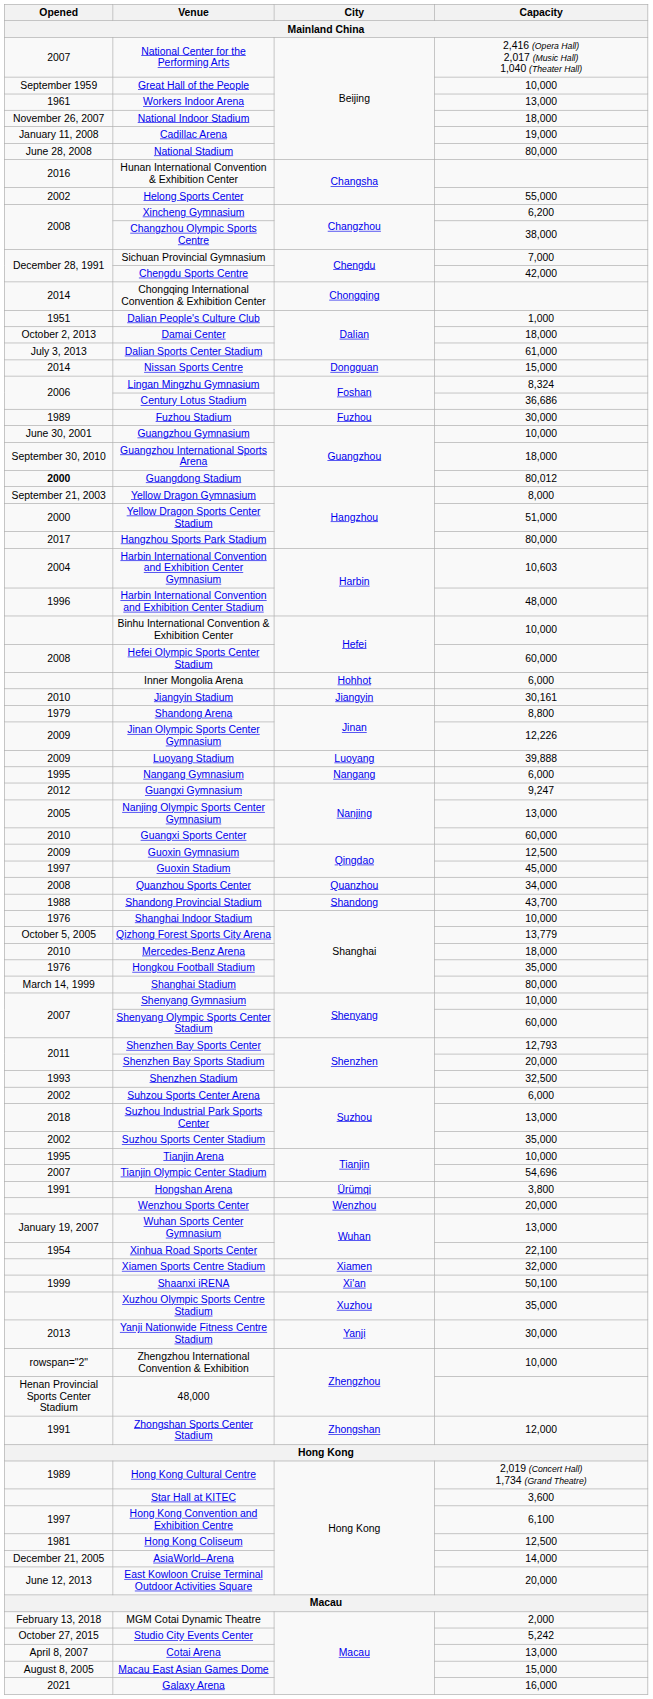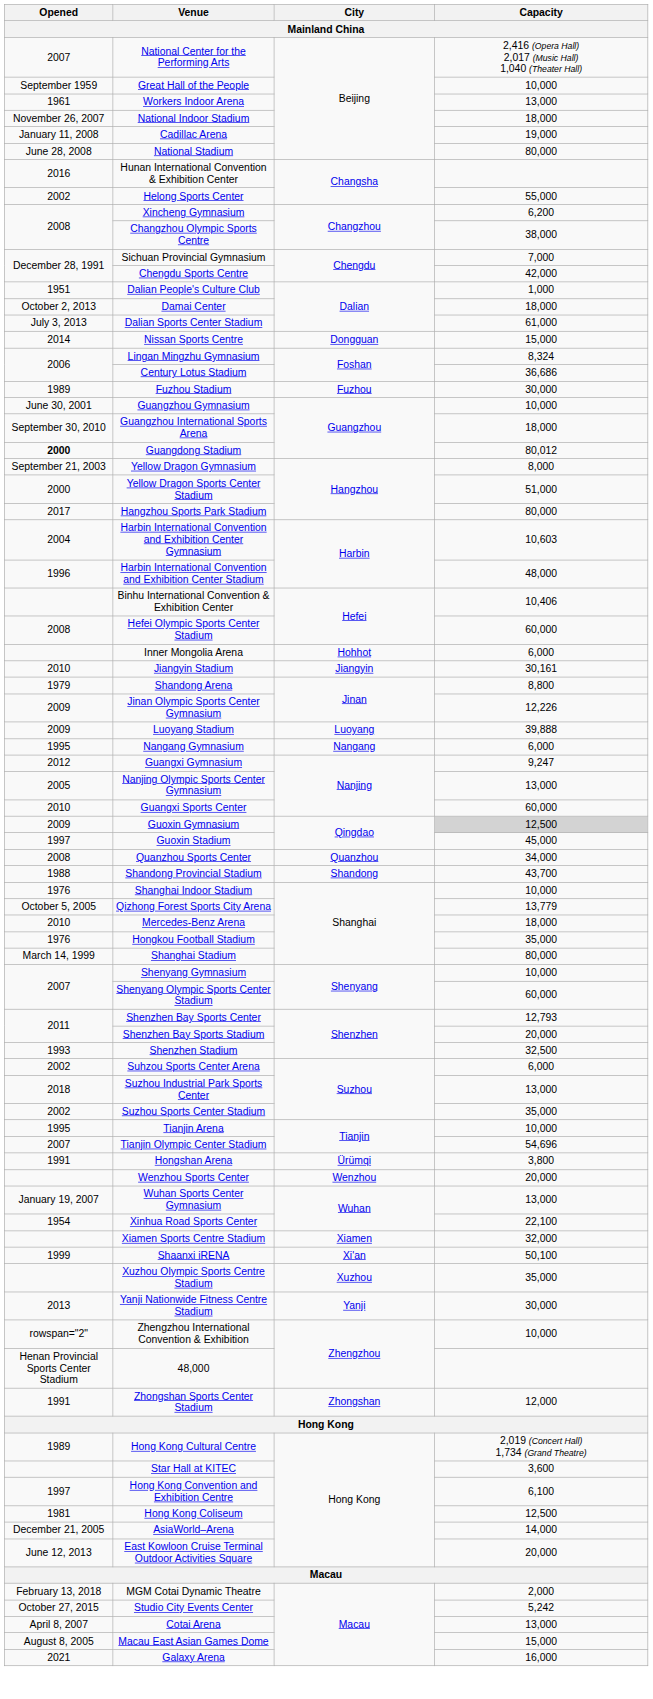 <table class="sortable wikitable" style="text-align:center;">
 <tr>
 <th scope="col" style="width:10em;">Opened</th>
 <th scope="col" style="width:15em;">Venue</th>
 <th scope="col" style="width:15em;">City</th>
 <th scope="col" style="width:20em;">Capacity</th>
 </tr>
 <tr>
 <th colspan="4">Mainland China</th>
 </tr>
 <tr>
 <td>2007</td>
 <td><a href='#'>National Center for the Performing Arts</a></td>
 <td rowspan="6">Beijing</td>
 <td>2,416 <small><em>(Opera Hall)</em></small><br>2,017 <em><small>(Music Hall)</small></em><br>1,040 <em><small>(Theater Hall)</small></em></td>
 </tr>
 <tr>
 <td>September 1959</td>
 <td><a href='#'>Great Hall of the People</a></td>
 <td>10,000</td>
 </tr>
 <tr>
 <td>1961</td>
 <td><a href='#'>Workers Indoor Arena</a></td>
 <td>13,000</td>
 </tr>
 <tr>
 <td>November 26, 2007</td>
 <td><a href='#'>National Indoor Stadium</a></td>
 <td>18,000</td>
 </tr>
 <tr>
 <td>January 11, 2008</td>
 <td><a href='#'>Cadillac Arena</a></td>
 <td>19,000</td>
 </tr>
 <tr>
 <td>June 28, 2008</td>
 <td><a href='#'>National Stadium</a></td>
 <td>80,000</td>
 </tr>
 <tr>
 <td>2016</td>
 <td>Hunan International Convention & Exhibition Center</td>
 <td rowspan="2"><a href='#'>Changsha</a></td>
 <td></td>
 </tr>
 <tr>
 <td>2002</td>
 <td><a href='#'>Helong Sports Center</a></td>
 <td>55,000</td>
 </tr>
 <tr>
 <td rowspan="2">2008</td>
 <td><a href='#'>Xincheng Gymnasium</a></td>
 <td rowspan="2"><a href='#'>Changzhou</a></td>
 <td>6,200</td>
 </tr>
 <tr>
 <td><a href='#'>Changzhou Olympic Sports Centre</a></td>
 <td>38,000</td>
 </tr>
 <tr>
 <td rowspan="2">December 28, 1991</td>
 <td>Sichuan Provincial Gymnasium</td>
 <td rowspan="2"><a href='#'>Chengdu</a></td>
 <td>7,000</td>
 </tr>
 <tr>
 <td><a href='#'>Chengdu Sports Centre</a></td>
 <td>42,000</td>
-</tr>
-<tr>
-<td>2014</td>
-<td>Chongqing International Convention & Exhibition Center</td>
-<td><a href='#'>Chongqing</a></td>
-<td></td>
 </tr>
 <tr>
 <td>1951</td>
 <td><a href='#'>Dalian People's Culture Club</a></td>
 <td rowspan="3"><a href='#'>Dalian</a></td>
 <td>1,000</td>
 </tr>
 <tr>
 <td>October 2, 2013</td>
 <td><a href='#'>Damai Center</a></td>
 <td>18,000</td>
 </tr>
 <tr>
 <td>July 3, 2013</td>
 <td><a href='#'>Dalian Sports Center Stadium</a></td>
 <td>61,000</td>
 </tr>
 <tr>
 <td>2014</td>
 <td><a href='#'>Nissan Sports Centre</a></td>
 <td><a href='#'>Dongguan</a></td>
 <td>15,000</td>
 </tr>
 <tr>
 <td rowspan="2">2006</td>
 <td><a href='#'>Lingan Mingzhu Gymnasium</a></td>
 <td rowspan="2"><a href='#'>Foshan</a></td>
 <td>8,324</td>
 </tr>
 <tr>
 <td><a href='#'>Century Lotus Stadium</a></td>
 <td>36,686</td>
 </tr>
 <tr>
 <td>1989</td>
 <td><a href='#'>Fuzhou Stadium</a></td>
 <td><a href='#'>Fuzhou</a></td>
 <td>30,000</td>
 </tr>
 <tr>
 <td>June 30, 2001</td>
 <td><a href='#'>Guangzhou Gymnasium</a></td>
 <td rowspan="3"><a href='#'>Guangzhou</a></td>
 <td>10,000</td>
 </tr>
 <tr>
 <td>September 30, 2010</td>
 <td><a href='#'>Guangzhou International Sports Arena</a></td>
 <td>18,000</td>
 </tr>
 <tr>
 <td><strong>2000</strong></td>
 <td><a href='#'>Guangdong Stadium</a></td>
 <td>80,012</td>
 </tr>
 <tr>
 <td>September 21, 2003</td>
 <td><a href='#'>Yellow Dragon Gymnasium</a></td>
 <td rowspan="3"><a href='#'>Hangzhou</a></td>
 <td>8,000</td>
 </tr>
 <tr>
 <td>2000</td>
 <td><a href='#'>Yellow Dragon Sports Center Stadium</a></td>
 <td>51,000</td>
 </tr>
 <tr>
 <td>2017</td>
 <td><a href='#'>Hangzhou Sports Park Stadium</a></td>
 <td>80,000</td>
 </tr>
 <tr>
 <td>2004</td>
 <td><a href='#'>Harbin International Convention and Exhibition Center Gymnasium</a></td>
 <td rowspan="2"><a href='#'>Harbin</a></td>
 <td>10,603</td>
 </tr>
 <tr>
 <td>1996</td>
 <td><a href='#'>Harbin International Convention and Exhibition Center Stadium</a></td>
 <td>48,000</td>
 </tr>
 <tr>
 <td></td>
 <td>Binhu International Convention & Exhibition Center</td>
 <td rowspan="2"><a href='#'>Hefei</a></td>
-<td>10,000</td>
+<td>10,406</td>
 </tr>
 <tr>
 <td>2008</td>
 <td><a href='#'>Hefei Olympic Sports Center Stadium</a></td>
 <td>60,000</td>
 </tr>
 <tr>
 <td></td>
 <td>Inner Mongolia Arena</td>
 <td><a href='#'>Hohhot</a></td>
 <td>6,000</td>
 </tr>
 <tr>
 <td>2010</td>
 <td><a href='#'>Jiangyin Stadium</a></td>
 <td><a href='#'>Jiangyin</a></td>
 <td>30,161</td>
 </tr>
 <tr>
 <td>1979</td>
 <td><a href='#'>Shandong Arena</a></td>
 <td rowspan="2"><a href='#'>Jinan</a></td>
 <td>8,800</td>
 </tr>
 <tr>
 <td>2009</td>
 <td><a href='#'>Jinan Olympic Sports Center Gymnasium</a></td>
 <td>12,226</td>
 </tr>
 <tr>
 <td>2009</td>
 <td><a href='#'>Luoyang Stadium</a></td>
 <td><a href='#'>Luoyang</a></td>
 <td>39,888</td>
 </tr>
 <tr>
 <td>1995</td>
 <td><a href='#'>Nangang Gymnasium</a></td>
 <td><a href='#'>Nangang</a></td>
 <td>6,000</td>
 </tr>
 <tr>
 <td>2012</td>
 <td><a href='#'>Guangxi Gymnasium</a></td>
 <td rowspan="3"><a href='#'>Nanjing</a></td>
 <td>9,247</td>
 </tr>
 <tr>
 <td>2005</td>
 <td><a href='#'>Nanjing Olympic Sports Center Gymnasium</a></td>
 <td>13,000</td>
 </tr>
 <tr>
 <td>2010</td>
 <td><a href='#'>Guangxi Sports Center</a></td>
 <td>60,000</td>
 </tr>
 <tr>
 <td>2009</td>
 <td><a href='#'>Guoxin Gymnasium</a></td>
 <td rowspan="2"><a href='#'>Qingdao</a></td>
-<td>12,500</td>
+<td style="background: lightgrey;">12,500</td>
 </tr>
 <tr>
 <td>1997</td>
 <td><a href='#'>Guoxin Stadium</a></td>
 <td>45,000</td>
 </tr>
 <tr>
 <td>2008</td>
 <td><a href='#'>Quanzhou Sports Center</a></td>
 <td><a href='#'>Quanzhou</a></td>
 <td>34,000</td>
 </tr>
 <tr>
 <td>1988</td>
 <td><a href='#'>Shandong Provincial Stadium</a></td>
 <td><a href='#'>Shandong</a></td>
 <td>43,700</td>
 </tr>
 <tr>
 <td>1976</td>
 <td><a href='#'>Shanghai Indoor Stadium</a></td>
 <td rowspan="5">Shanghai</td>
 <td>10,000</td>
 </tr>
 <tr>
 <td>October 5, 2005</td>
 <td><a href='#'>Qizhong Forest Sports City Arena</a></td>
 <td>13,779</td>
 </tr>
 <tr>
 <td>2010</td>
 <td><a href='#'>Mercedes-Benz Arena</a></td>
 <td>18,000</td>
 </tr>
 <tr>
 <td>1976</td>
 <td><a href='#'>Hongkou Football Stadium</a></td>
 <td>35,000</td>
 </tr>
 <tr>
 <td>March 14, 1999</td>
 <td><a href='#'>Shanghai Stadium</a></td>
 <td>80,000</td>
 </tr>
 <tr>
 <td rowspan="2">2007</td>
 <td><a href='#'>Shenyang Gymnasium</a></td>
 <td rowspan="2"><a href='#'>Shenyang</a></td>
 <td>10,000</td>
 </tr>
 <tr>
 <td><a href='#'>Shenyang Olympic Sports Center Stadium</a></td>
 <td>60,000</td>
 </tr>
 <tr>
 <td rowspan="2">2011</td>
 <td><a href='#'>Shenzhen Bay Sports Center</a></td>
 <td rowspan="3"><a href='#'>Shenzhen</a></td>
 <td>12,793</td>
 </tr>
 <tr>
 <td><a href='#'>Shenzhen Bay Sports Stadium</a></td>
 <td>20,000</td>
 </tr>
 <tr>
 <td>1993</td>
 <td><a href='#'>Shenzhen Stadium</a></td>
 <td>32,500</td>
 </tr>
 <tr>
 <td>2002</td>
 <td><a href='#'>Suhzou Sports Center Arena</a></td>
 <td rowspan="3"><a href='#'>Suzhou</a></td>
 <td>6,000</td>
 </tr>
 <tr>
 <td>2018</td>
 <td><a href='#'>Suzhou Industrial Park Sports Center</a></td>
 <td>13,000</td>
 </tr>
 <tr>
 <td>2002</td>
 <td><a href='#'>Suzhou Sports Center Stadium</a></td>
 <td>35,000</td>
 </tr>
 <tr>
 <td>1995</td>
 <td><a href='#'>Tianjin Arena</a></td>
 <td rowspan="2"><a href='#'>Tianjin</a></td>
 <td>10,000</td>
 </tr>
 <tr>
 <td>2007</td>
 <td><a href='#'>Tianjin Olympic Center Stadium</a></td>
 <td>54,696</td>
 </tr>
 <tr>
 <td>1991</td>
 <td><a href='#'>Hongshan Arena</a></td>
 <td><a href='#'>Ürümqi</a></td>
 <td>3,800</td>
 </tr>
 <tr>
 <td></td>
 <td><a href='#'>Wenzhou Sports Center</a></td>
 <td><a href='#'>Wenzhou</a></td>
 <td>20,000</td>
 </tr>
 <tr>
 <td>January 19, 2007</td>
 <td><a href='#'>Wuhan Sports Center Gymnasium</a></td>
 <td rowspan="2"><a href='#'>Wuhan</a></td>
 <td>13,000</td>
 </tr>
 <tr>
 <td>1954</td>
 <td><a href='#'>Xinhua Road Sports Center</a></td>
 <td>22,100</td>
 </tr>
 <tr>
 <td></td>
 <td><a href='#'>Xiamen Sports Centre Stadium</a></td>
 <td><a href='#'>Xiamen</a></td>
 <td>32,000</td>
 </tr>
 <tr>
 <td>1999</td>
 <td><a href='#'>Shaanxi iRENA</a></td>
 <td><a href='#'>Xi'an</a></td>
 <td>50,100</td>
 </tr>
 <tr>
 <td></td>
 <td><a href='#'>Xuzhou Olympic Sports Centre Stadium</a></td>
 <td><a href='#'>Xuzhou</a></td>
 <td>35,000</td>
 </tr>
 <tr>
 <td>2013</td>
 <td><a href='#'>Yanji Nationwide Fitness Centre Stadium</a></td>
 <td><a href='#'>Yanji</a></td>
 <td>30,000</td>
 </tr>
 <tr>
 <td>rowspan="2" </td>
 <td>Zhengzhou International Convention & Exhibition</td>
 <td rowspan="2"><a href='#'>Zhengzhou</a></td>
 <td>10,000</td>
 </tr>
 <tr>
 <td>Henan Provincial Sports Center Stadium</td>
 <td>48,000</td>
 </tr>
 <tr>
 <td>1991</td>
 <td><a href='#'>Zhongshan Sports Center Stadium</a></td>
 <td><a href='#'>Zhongshan</a></td>
 <td>12,000</td>
 </tr>
 <tr>
 <th colspan="4">Hong Kong</th>
 </tr>
 <tr>
 <td>1989</td>
 <td><a href='#'>Hong Kong Cultural Centre</a></td>
 <td rowspan="6">Hong Kong</td>
 <td>2,019 <small><em>(Concert Hall)</em></small><br>1,734 <em><small>(Grand Theatre)</small></em></td>
 </tr>
 <tr>
 <td></td>
 <td><a href='#'>Star Hall at KITEC</a></td>
 <td>3,600</td>
 </tr>
 <tr>
 <td>1997</td>
 <td><a href='#'>Hong Kong Convention and Exhibition Centre</a></td>
 <td>6,100</td>
 </tr>
 <tr>
 <td>1981</td>
 <td><a href='#'>Hong Kong Coliseum</a></td>
 <td>12,500</td>
 </tr>
 <tr>
 <td>December 21, 2005</td>
 <td><a href='#'>AsiaWorld–Arena</a></td>
 <td>14,000</td>
 </tr>
 <tr>
 <td>June 12, 2013</td>
 <td><a href='#'>East Kowloon Cruise Terminal Outdoor Activities Square</a></td>
 <td>20,000</td>
 </tr>
 <tr>
 <th colspan="4">Macau</th>
 </tr>
 <tr>
 <td>February 13, 2018</td>
 <td>MGM Cotai Dynamic Theatre</td>
 <td rowspan="5"><a href='#'>Macau</a></td>
 <td>2,000</td>
 </tr>
 <tr>
 <td>October 27, 2015</td>
 <td><a href='#'>Studio City Events Center</a></td>
 <td>5,242</td>
 </tr>
 <tr>
 <td>April 8, 2007</td>
 <td><a href='#'>Cotai Arena</a></td>
 <td>13,000</td>
 </tr>
 <tr>
 <td>August 8, 2005</td>
 <td><a href='#'>Macau East Asian Games Dome</a></td>
 <td>15,000</td>
 </tr>
 <tr>
 <td>2021</td>
 <td><a href='#'>Galaxy Arena</a></td>
 <td>16,000</td>
 </tr>
 </table>
